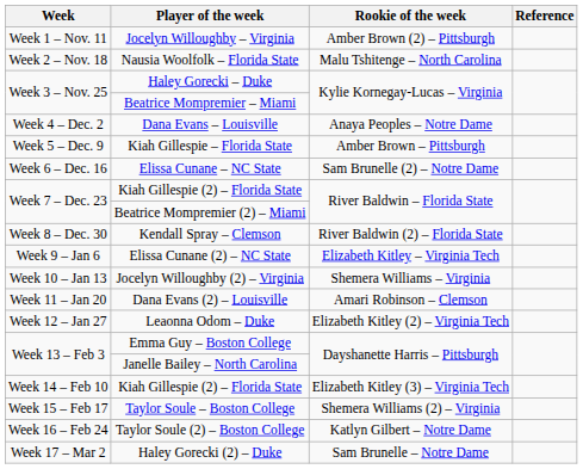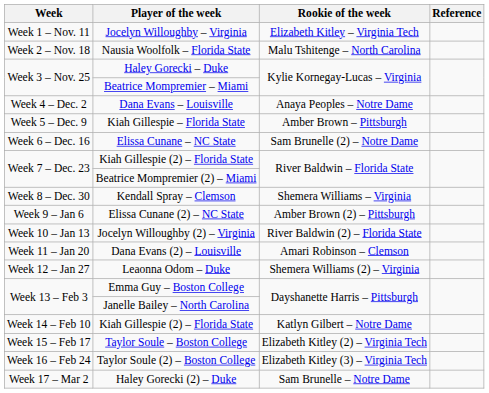 <table class="wikitable" border="1" style="text-align: center;">
 <tr>
 <th>Week</th>
 <th>Player of the week</th>
 <th>Rookie of the week</th>
 <th>Reference</th>
 </tr>
 <tr>
 <td>Week 1 – Nov. 11</td>
 <td><a href='#'>Jocelyn Willoughby</a> – <a href='#'>Virginia</a></td>
-<td>Amber Brown (2) – <a href='#'>Pittsburgh</a></td>
+<td><a href='#'>Elizabeth Kitley</a> – <a href='#'>Virginia Tech</a></td>
 <td></td>
 </tr>
 <tr>
 <td>Week 2 – Nov. 18</td>
 <td>Nausia Woolfolk – <a href='#'>Florida State</a></td>
 <td>Malu Tshitenge – <a href='#'>North Carolina</a></td>
 <td></td>
 </tr>
 <tr>
 <td rowspan=2>Week 3 – Nov. 25</td>
 <td><a href='#'>Haley Gorecki</a> – <a href='#'>Duke</a></td>
 <td rowspan=2>Kylie Kornegay-Lucas – <a href='#'>Virginia</a></td>
 <td rowspan=2></td>
 </tr>
 <tr>
 <td><a href='#'>Beatrice Mompremier</a> – <a href='#'>Miami</a></td>
 </tr>
 <tr>
 <td>Week 4 – Dec. 2</td>
 <td><a href='#'>Dana Evans</a> – <a href='#'>Louisville</a></td>
 <td>Anaya Peoples – <a href='#'>Notre Dame</a></td>
 <td></td>
 </tr>
 <tr>
 <td>Week 5 – Dec. 9</td>
 <td>Kiah Gillespie – <a href='#'>Florida State</a></td>
 <td>Amber Brown – <a href='#'>Pittsburgh</a></td>
 <td></td>
 </tr>
 <tr>
 <td>Week 6 – Dec. 16</td>
 <td><a href='#'>Elissa Cunane</a> – <a href='#'>NC State</a></td>
 <td>Sam Brunelle (2) – <a href='#'>Notre Dame</a></td>
 <td></td>
 </tr>
 <tr>
 <td rowspan=2>Week 7 – Dec. 23</td>
 <td>Kiah Gillespie (2) – <a href='#'>Florida State</a></td>
 <td rowspan=2>River Baldwin – <a href='#'>Florida State</a></td>
 <td rowspan=2></td>
 </tr>
 <tr>
 <td>Beatrice Mompremier (2) – <a href='#'>Miami</a></td>
 </tr>
 <tr>
 <td>Week 8 – Dec. 30</td>
 <td>Kendall Spray – <a href='#'>Clemson</a></td>
-<td>River Baldwin (2) – <a href='#'>Florida State</a></td>
+<td>Shemera Williams – <a href='#'>Virginia</a></td>
 <td></td>
 </tr>
 <tr>
 <td>Week 9 – Jan 6</td>
 <td>Elissa Cunane (2) – <a href='#'>NC State</a></td>
-<td><a href='#'>Elizabeth Kitley</a> – <a href='#'>Virginia Tech</a></td>
+<td>Amber Brown (2) – <a href='#'>Pittsburgh</a></td>
 <td></td>
 </tr>
 <tr>
 <td>Week 10 – Jan 13</td>
 <td>Jocelyn Willoughby (2) – <a href='#'>Virginia</a></td>
-<td>Shemera Williams – <a href='#'>Virginia</a></td>
+<td>River Baldwin (2) – <a href='#'>Florida State</a></td>
 <td></td>
 </tr>
 <tr>
 <td>Week 11 – Jan 20</td>
 <td>Dana Evans (2) – <a href='#'>Louisville</a></td>
 <td>Amari Robinson – <a href='#'>Clemson</a></td>
 <td></td>
 </tr>
 <tr>
 <td>Week 12 – Jan 27</td>
 <td>Leaonna Odom – <a href='#'>Duke</a></td>
-<td>Elizabeth Kitley (2) – <a href='#'>Virginia Tech</a></td>
+<td>Shemera Williams (2) – <a href='#'>Virginia</a></td>
 <td></td>
 </tr>
 <tr>
 <td rowspan=2>Week 13 – Feb 3</td>
 <td>Emma Guy – <a href='#'>Boston College</a></td>
 <td rowspan=2>Dayshanette Harris – <a href='#'>Pittsburgh</a></td>
 <td rowspan=2></td>
 </tr>
 <tr>
 <td>Janelle Bailey – <a href='#'>North Carolina</a></td>
 </tr>
 <tr>
 <td>Week 14 – Feb 10</td>
 <td>Kiah Gillespie (2) – <a href='#'>Florida State</a></td>
-<td>Elizabeth Kitley (3) – <a href='#'>Virginia Tech</a></td>
+<td>Katlyn Gilbert – <a href='#'>Notre Dame</a></td>
 <td></td>
 </tr>
 <tr>
 <td>Week 15 – Feb 17</td>
 <td><a href='#'>Taylor Soule</a> – <a href='#'>Boston College</a></td>
-<td>Shemera Williams (2) – <a href='#'>Virginia</a></td>
+<td>Elizabeth Kitley (2) – <a href='#'>Virginia Tech</a></td>
 <td></td>
 </tr>
 <tr>
 <td>Week 16 – Feb 24</td>
 <td>Taylor Soule (2) – <a href='#'>Boston College</a></td>
-<td>Katlyn Gilbert – <a href='#'>Notre Dame</a></td>
+<td>Elizabeth Kitley (3) – <a href='#'>Virginia Tech</a></td>
 <td></td>
 </tr>
 <tr>
 <td>Week 17 – Mar 2</td>
 <td>Haley Gorecki (2) – <a href='#'>Duke</a></td>
 <td>Sam Brunelle – <a href='#'>Notre Dame</a></td>
 <td></td>
 </tr>
 </table>
